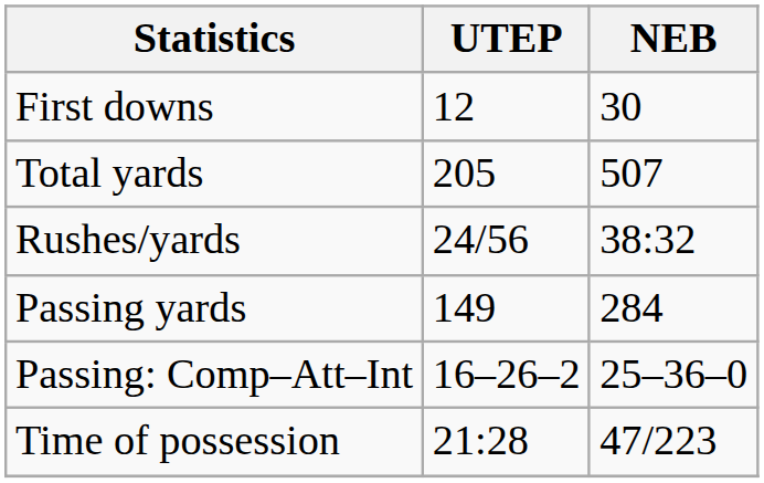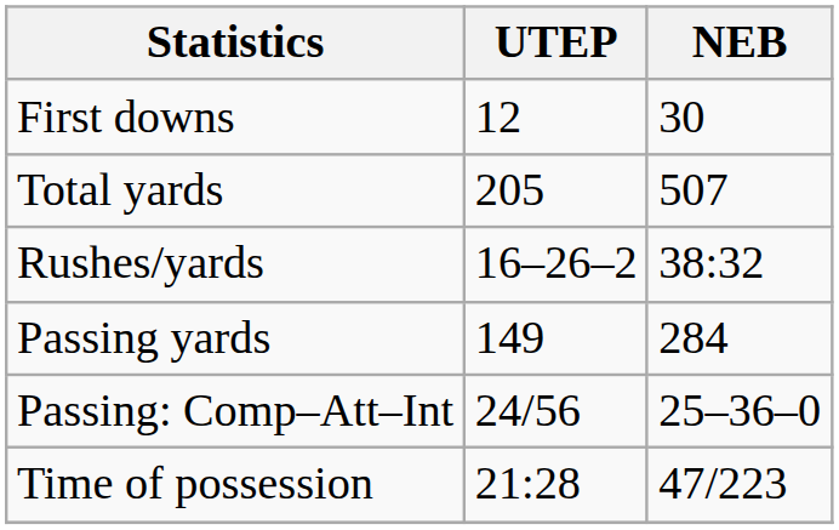 <table class="wikitable" style="float: left;">
 <tr>
 <th>Statistics</th>
 <th>UTEP</th>
 <th>NEB</th>
 </tr>
 <tr>
 <td>First downs</td>
 <td>12</td>
 <td>30</td>
 </tr>
 <tr>
 <td>Total yards</td>
 <td>205</td>
 <td>507</td>
 </tr>
 <tr>
 <td>Rushes/yards</td>
-<td>24/56</td>
+<td>16–26–2</td>
 <td>38:32</td>
 </tr>
 <tr>
 <td>Passing yards</td>
 <td>149</td>
 <td>284</td>
 </tr>
 <tr>
 <td>Passing: Comp–Att–Int</td>
-<td>16–26–2</td>
+<td>24/56</td>
 <td>25–36–0</td>
 </tr>
 <tr>
 <td>Time of possession</td>
 <td>21:28</td>
 <td>47/223</td>
 </tr>
 <tr>
 </tr>
 </table>
